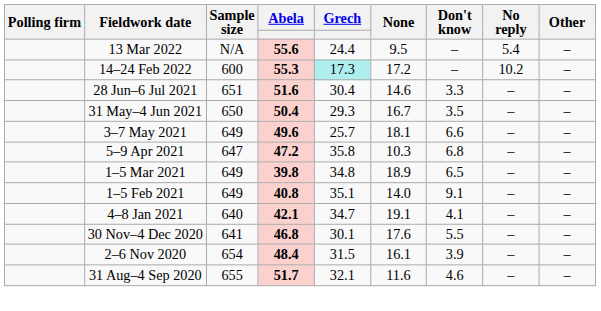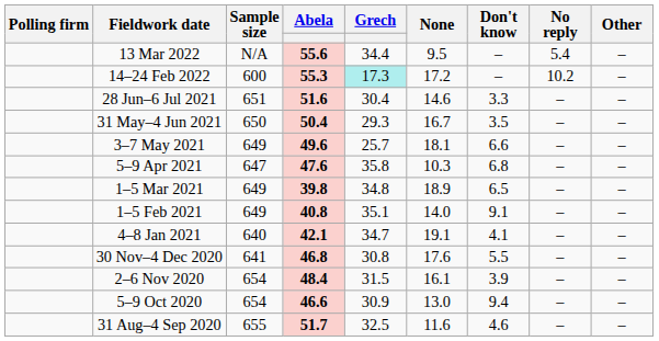 <table class="wikitable sortable" style="text-align:center;font-size:90%;line-height:14px;">
 <tr>
 <th rowspan="2">Polling firm</th>
 <th rowspan="2">Fieldwork date</th>
 <th rowspan="2">Sample<br>size</th>
 <th class="unsortable" style="width:50px;"><a href='#'>Abela</a><br></th>
 <th class="unsortable" style="width:50px;"><a href='#'>Grech</a><br></th>
 <th class="unsortable" style="width:50px;" rowspan="2"> None</th>
 <th class="unsortable" style="width:50px;" rowspan="2">Don't know</th>
 <th class="unsortable" style="width:50px;" rowspan="2">No reply</th>
 <th class="unsortable" style="width:50px;" rowspan="2">Other</th>
 </tr>
 <tr>
 <th style="background:"></th>
 <th style="background:"></th>
 </tr>
 <tr>
 <td></td>
 <td>13 Mar 2022</td>
 <td>N/A</td>
 <td style="background:#FBD1CE;"><strong>55.6</strong></td>
-<td>24.4</td>
+<td>34.4</td>
 <td>9.5</td>
 <td>–</td>
 <td>5.4</td>
 <td>–</td>
 </tr>
 <tr>
 <td></td>
 <td>14–24 Feb 2022</td>
 <td>600</td>
 <td style="background:#FBD1CE;"><strong>55.3</strong></td>
 <td style="background: paleturquoise;">17.3</td>
 <td>17.2</td>
 <td>–</td>
 <td>10.2</td>
 <td>–</td>
 </tr>
 <tr>
 <td></td>
 <td data-sort-value="2021-07-11">28 Jun–6 Jul 2021</td>
 <td>651</td>
 <td style="background:#FBD1CE;"><strong>51.6</strong></td>
 <td>30.4</td>
 <td>14.6</td>
 <td>3.3</td>
 <td>–</td>
 <td>–</td>
 </tr>
 <tr>
 <td></td>
 <td data-sort-value="2021-06-07">31 May–4 Jun 2021</td>
 <td>650</td>
 <td style="background:#FBD1CE;"><strong>50.4</strong></td>
 <td>29.3</td>
 <td>16.7</td>
 <td>3.5</td>
 <td>–</td>
 <td>–</td>
 </tr>
 <tr>
 <td></td>
 <td data-sort-value="2021-04-09">3–7 May 2021</td>
 <td>649</td>
 <td style="background:#FBD1CE;"><strong>49.6</strong></td>
 <td>25.7</td>
 <td>18.1</td>
 <td>6.6</td>
 <td>–</td>
 <td>–</td>
 </tr>
 <tr>
 <td></td>
 <td data-sort-value="2021-04-9">5–9 Apr 2021</td>
 <td>647</td>
-<td style="background:#FBD1CE;"><strong>47.2</strong></td>
+<td style="background:#FBD1CE;"><strong>47.6</strong></td>
 <td>35.8</td>
 <td>10.3</td>
 <td>6.8</td>
 <td>–</td>
 <td>–</td>
 </tr>
 <tr>
 <td></td>
 <td data-sort-value="2019-05-15">1–5 Mar 2021</td>
 <td>649</td>
 <td style="background:#FBD1CE;"><strong>39.8</strong></td>
 <td>34.8</td>
 <td>18.9</td>
 <td>6.5</td>
 <td>–</td>
 <td>–</td>
 </tr>
 <tr>
 <td></td>
 <td data-sort-value="2019-05-15">1–5 Feb 2021</td>
 <td>649</td>
 <td style="background:#FBD1CE;"><strong>40.8</strong></td>
 <td>35.1</td>
 <td>14.0</td>
 <td>9.1</td>
 <td>–</td>
 <td>–</td>
 </tr>
 <tr>
 <td></td>
 <td data-sort-value="2019-05-15">4–8 Jan 2021</td>
 <td>640</td>
 <td style="background:#FBD1CE;"><strong>42.1</strong></td>
 <td>34.7</td>
 <td>19.1</td>
 <td>4.1</td>
 <td>–</td>
 <td>–</td>
 </tr>
 <tr>
 <td></td>
 <td data-sort-value="2019-05-15">30 Nov–4 Dec 2020</td>
 <td>641</td>
 <td style="background:#FBD1CE;"><strong>46.8</strong></td>
-<td>30.1</td>
+<td>30.8</td>
 <td>17.6</td>
 <td>5.5</td>
 <td>–</td>
 <td>–</td>
 </tr>
 <tr>
 <td></td>
 <td data-sort-value="2019-05-15">2–6 Nov 2020</td>
 <td>654</td>
 <td style="background:#FBD1CE;"><strong>48.4</strong></td>
 <td>31.5</td>
 <td>16.1</td>
 <td>3.9</td>
 <td>–</td>
 <td>–</td>
 </tr>
 <tr>
 <td></td>
+<td data-sort-value="2020-10-09">5–9 Oct 2020</td>
+<td>654</td>
+<td style="background:#FBD1CE;"><strong>46.6</strong></td>
+<td>30.9</td>
+<td>13.0</td>
+<td>9.4</td>
+<td>–</td>
+<td>–</td>
+</tr>
+<tr>
+<td></td>
 <td data-sort-value="2020-09-04">31 Aug–4 Sep 2020</td>
 <td>655</td>
 <td style="background:#FBD1CE;"><strong>51.7</strong></td>
-<td>32.1</td>
+<td>32.5</td>
 <td>11.6</td>
 <td>4.6</td>
 <td>–</td>
 <td>–</td>
 </tr>
 </table>
